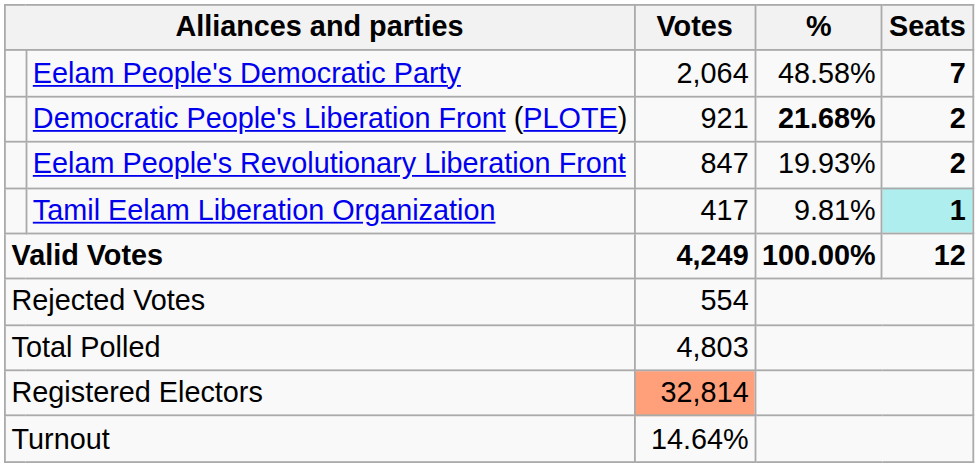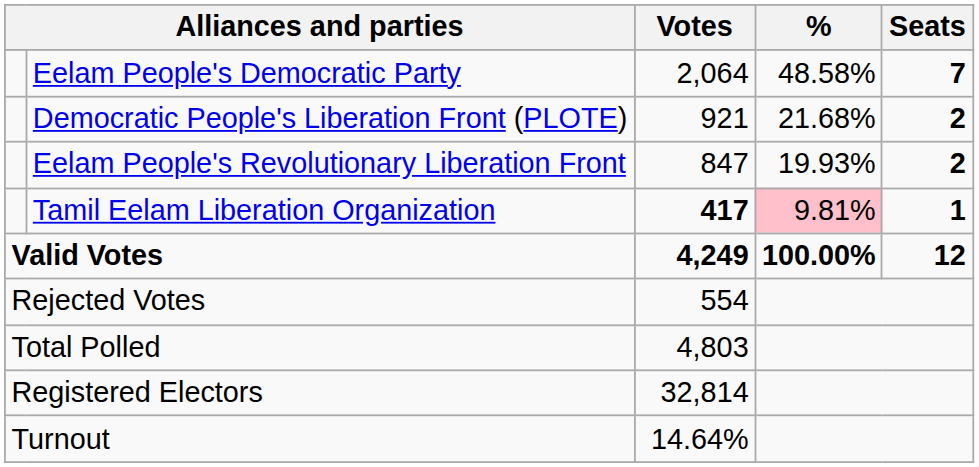 <table class="wikitable" border="1" style="text-align:right;">
 <tr>
 <th valign=bottom align=left colspan=2>Alliances and parties</th>
 <th valign=bottom align=center width="60">Votes</th>
 <th valign=bottom align=center width="50">%</th>
 <th valign=bottom align=center>Seats</th>
 </tr>
 <tr>
 <td bgcolor=> </td>
 <td align=left><a href='#'>Eelam People's Democratic Party</a></td>
 <td>2,064</td>
 <td>48.58%</td>
 <td><strong>7</strong></td>
 </tr>
 <tr>
 <td bgcolor=> </td>
 <td align=left><a href='#'>Democratic People's Liberation Front</a> (<a href='#'>PLOTE</a>)</td>
 <td>921</td>
-<td><strong>21.68%</strong></td>
+<td>21.68%</td>
 <td><strong>2</strong></td>
 </tr>
 <tr>
 <td bgcolor=> </td>
 <td align=left><a href='#'>Eelam People's Revolutionary Liberation Front</a></td>
 <td>847</td>
 <td>19.93%</td>
 <td><strong>2</strong></td>
 </tr>
 <tr>
 <td bgcolor=> </td>
 <td align=left><a href='#'>Tamil Eelam Liberation Organization</a></td>
-<td>417</td>
-<td>9.81%</td>
-<td style="background: paleturquoise;"><strong>1</strong></td>
+<td><strong>417</strong></td>
+<td style="background: pink;">9.81%</td>
+<td><strong>1</strong></td>
 </tr>
 <tr>
 <td colspan=2 align=left><strong>Valid Votes</strong></td>
 <td><strong>4,249</strong></td>
 <td><strong>100.00%</strong></td>
 <td><strong>12</strong></td>
 </tr>
 <tr>
 <td colspan=2 align=left>Rejected Votes</td>
 <td>554</td>
 <td colspan=2></td>
 </tr>
 <tr>
 <td colspan=2 align=left>Total Polled</td>
 <td>4,803</td>
 <td colspan=2></td>
 </tr>
 <tr>
 <td colspan=2 align=left>Registered Electors</td>
-<td style="background: lightsalmon;">32,814</td>
+<td>32,814</td>
 <td colspan=2></td>
 </tr>
 <tr>
 <td colspan=2 align=left>Turnout</td>
 <td>14.64%</td>
 <td colspan=2></td>
 </tr>
 </table>
